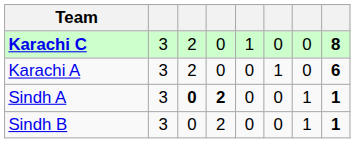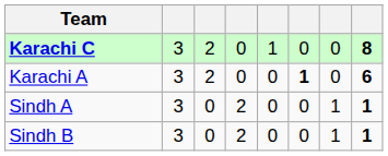 <table class="wikitable sortable" style="text-align:center";"font-size:95%">
 <tr>
 <th style="width:130px;">Team</th>
 <th style="width:20px;"></th>
 <th style="width:20px;"></th>
 <th style="width:20px;"></th>
 <th style="width:20px;"></th>
 <th style="width:20px;"></th>
 <th style="width:20px;"></th>
 <th style="width:20px;"></th>
 </tr>
 <tr bgcolor="#ccffcc">
 <td style="text-align:left"><strong><a href='#'>Karachi C</a></strong></td>
 <td>3</td>
 <td>2</td>
 <td>0</td>
 <td>1</td>
 <td>0</td>
 <td>0</td>
 <td><strong>8</strong></td>
 </tr>
 <tr bgcolor=>
 <td style="text-align:left"><a href='#'>Karachi A</a></td>
 <td>3</td>
 <td>2</td>
 <td>0</td>
 <td>0</td>
-<td>1</td>
+<td><strong>1</strong></td>
 <td>0</td>
 <td><strong>6</strong></td>
 </tr>
 <tr bgcolor=>
 <td style="text-align:left"><a href='#'>Sindh A</a></td>
 <td>3</td>
-<td><strong>0</strong></td>
-<td><strong>2</strong></td>
+<td>0</td>
+<td>2</td>
 <td>0</td>
 <td>0</td>
 <td>1</td>
 <td><strong>1</strong></td>
 </tr>
 <tr bgcolor=>
 <td style="text-align:left"><a href='#'>Sindh B</a></td>
 <td>3</td>
 <td>0</td>
 <td>2</td>
 <td>0</td>
 <td>0</td>
 <td>1</td>
 <td><strong>1</strong></td>
 </tr>
 </table>
